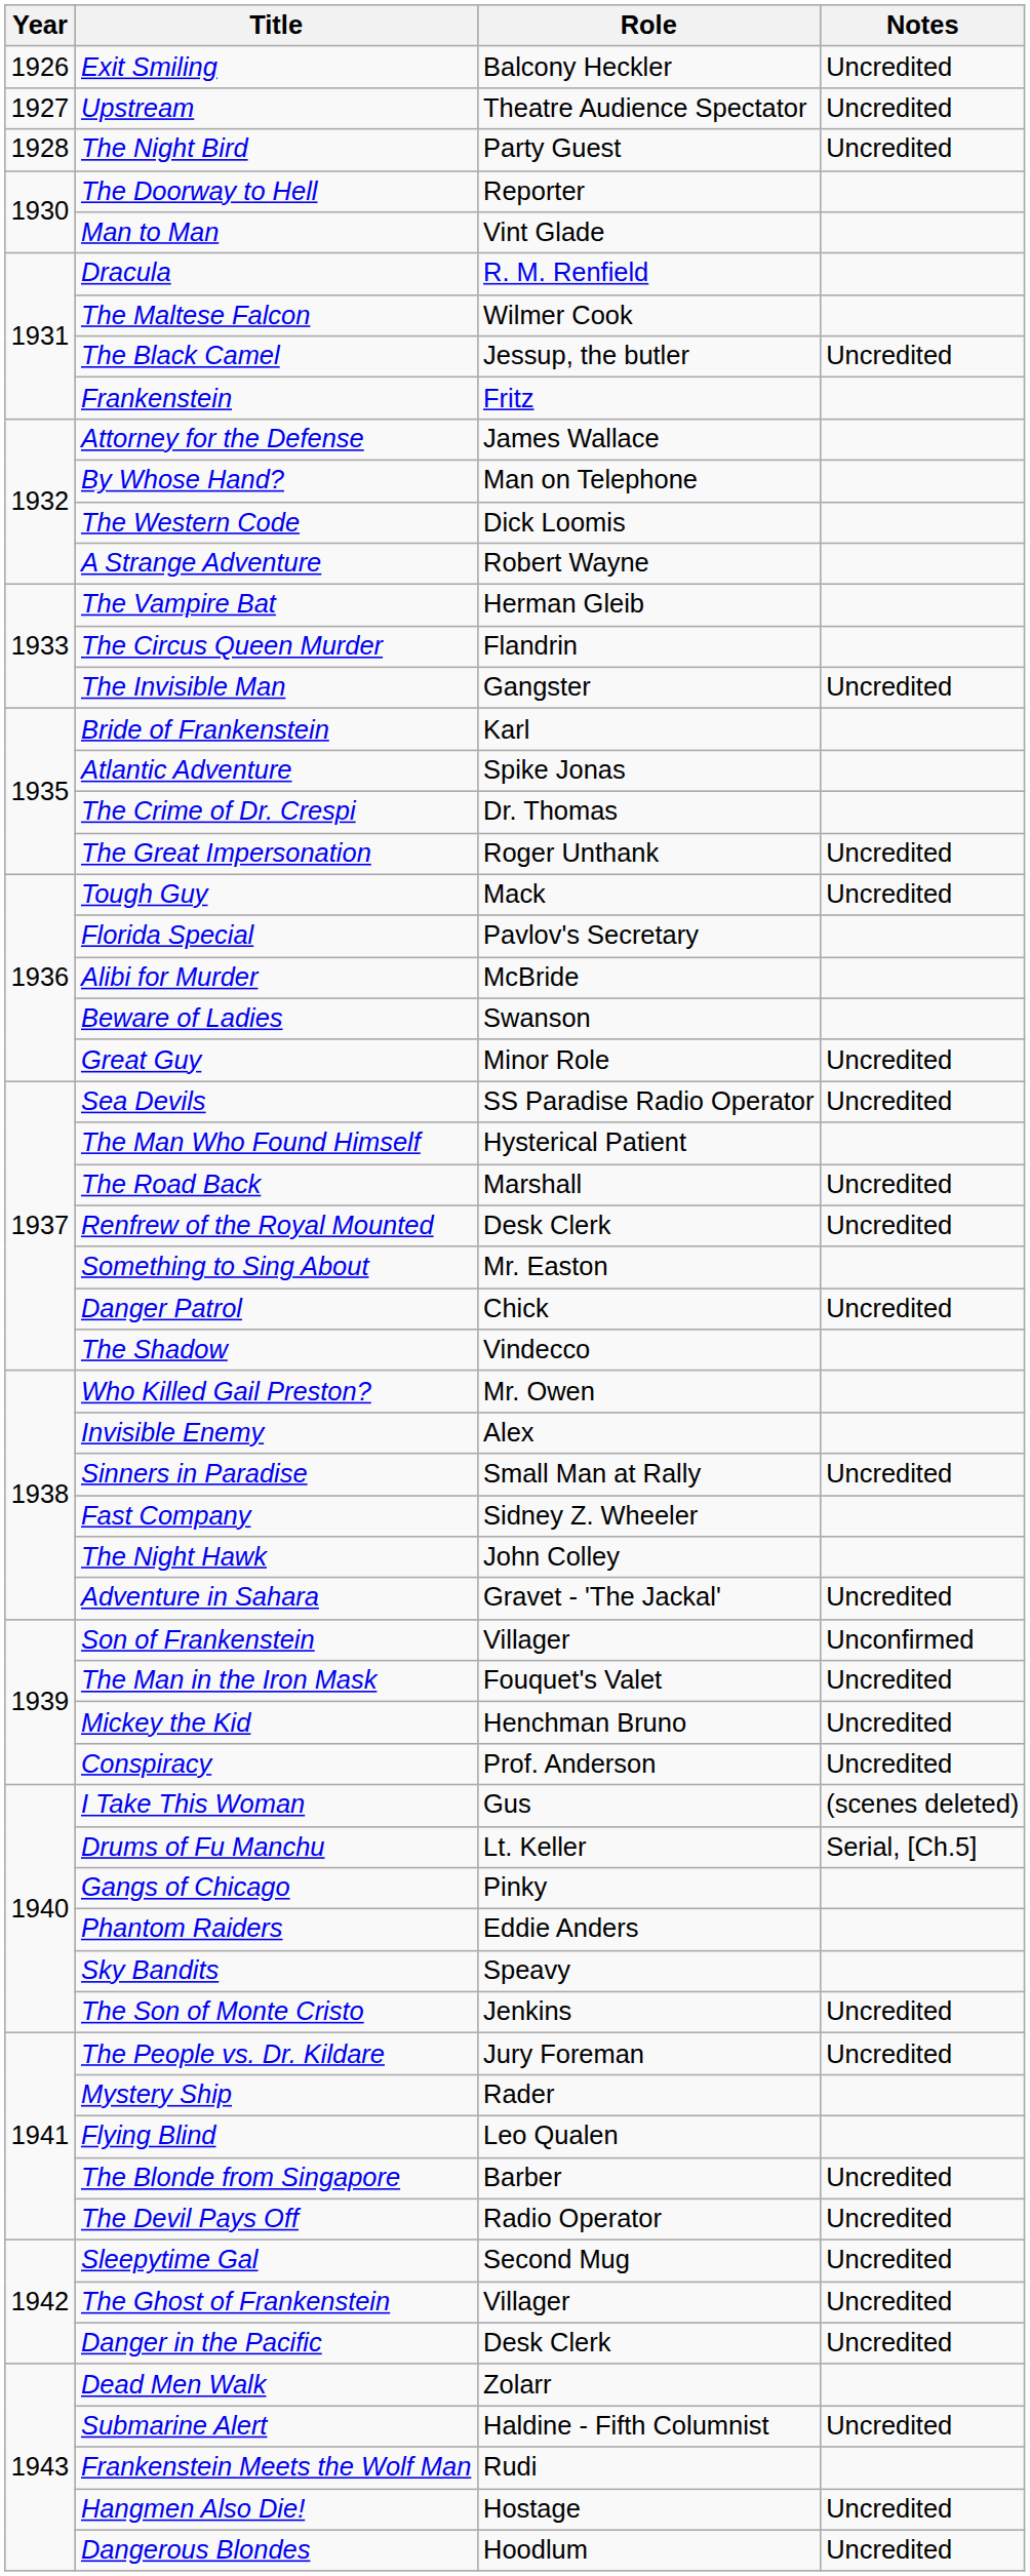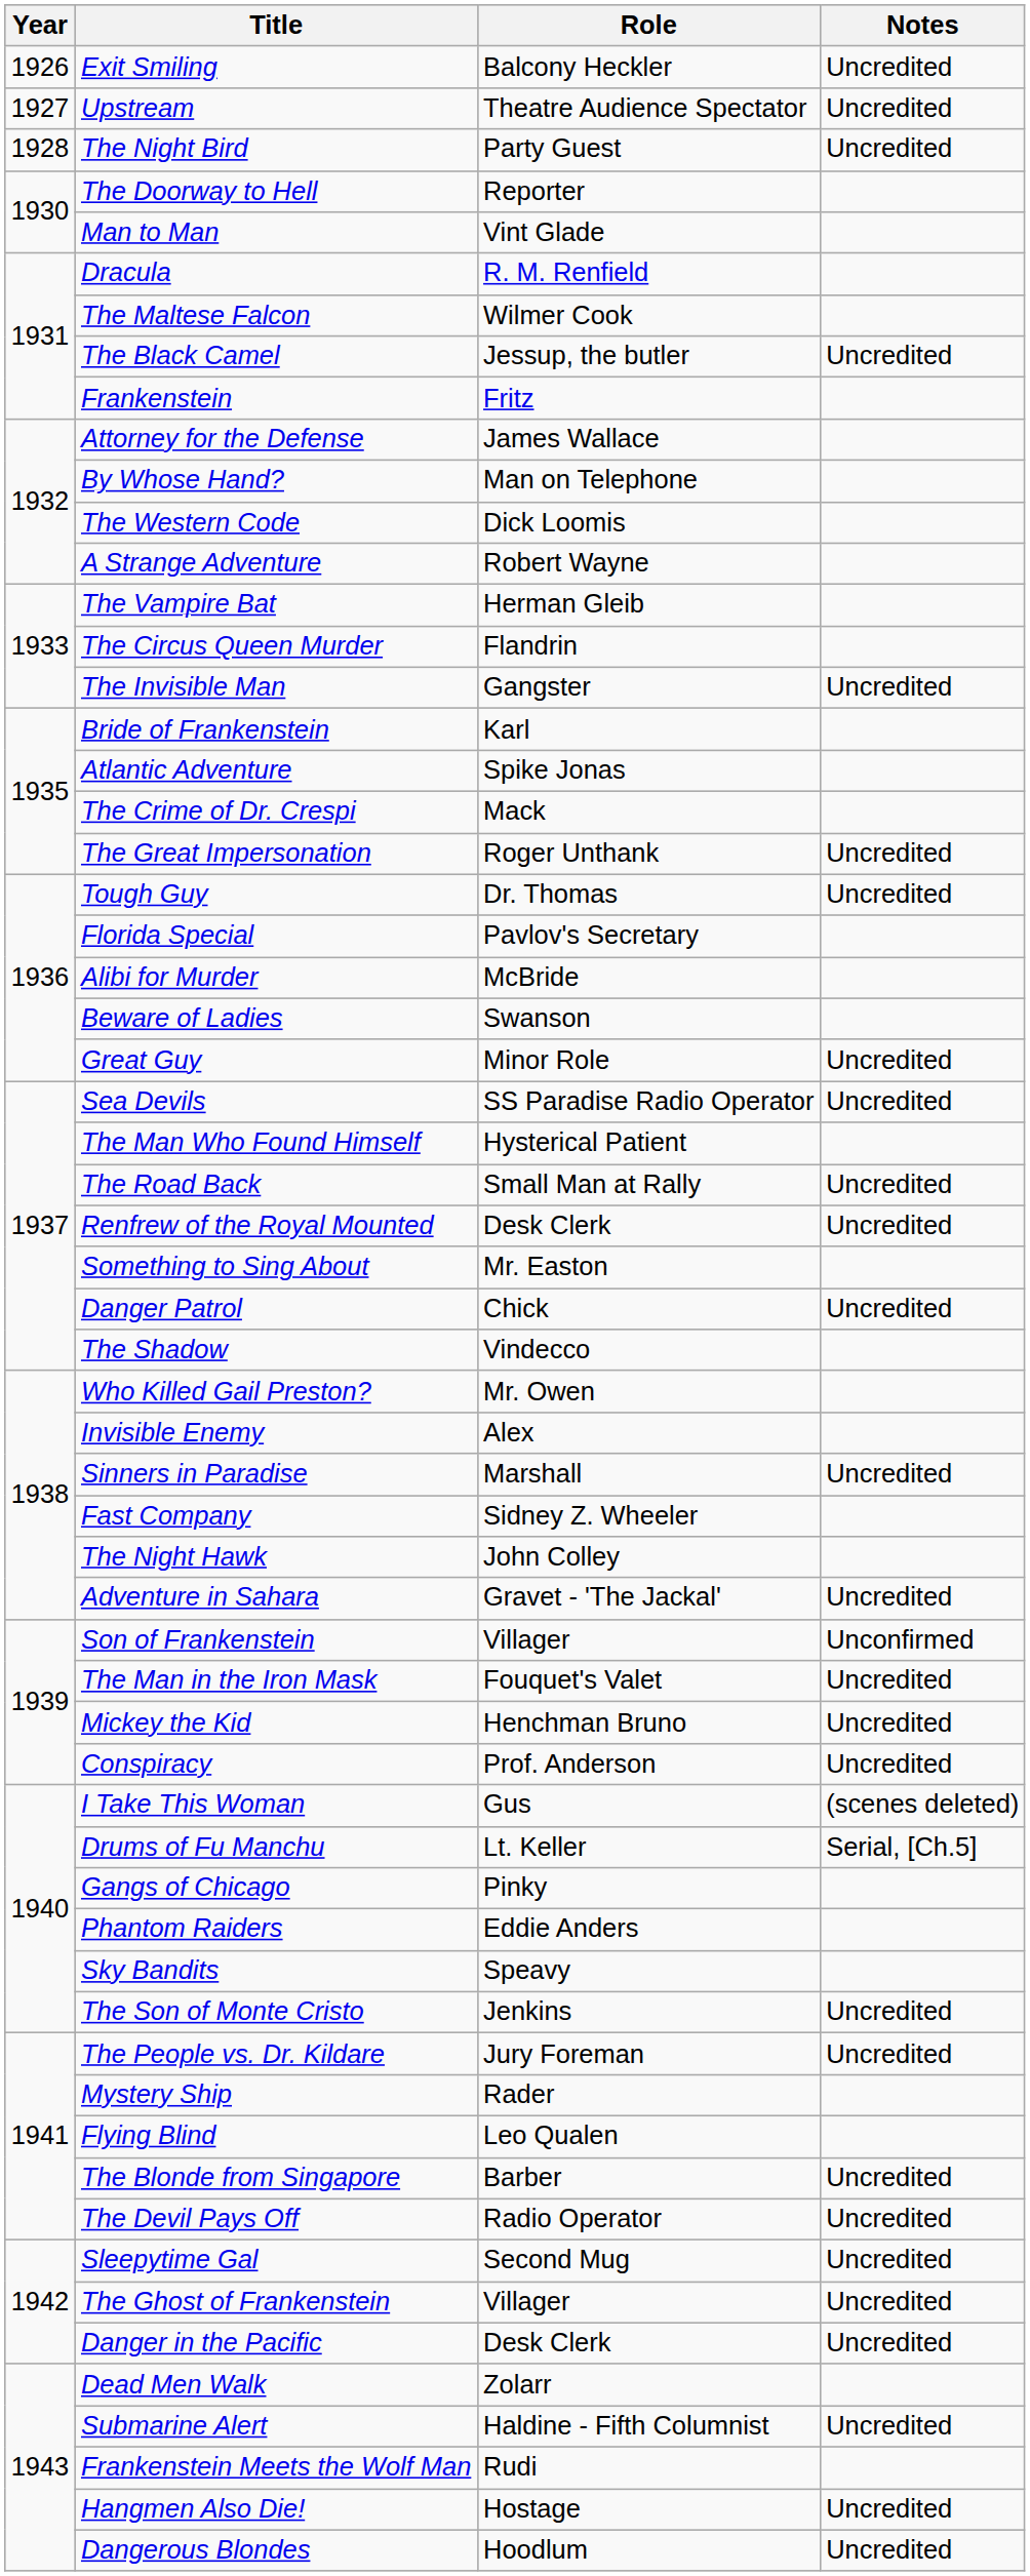 <table class="wikitable sortable">
 <tr>
 <th>Year</th>
 <th>Title</th>
 <th>Role</th>
 <th class = "unsortable">Notes</th>
 </tr>
 <tr>
 <td>1926</td>
 <td><em><a href='#'>Exit Smiling</a></em></td>
 <td>Balcony Heckler</td>
 <td>Uncredited</td>
 </tr>
 <tr>
 <td>1927</td>
 <td><em><a href='#'>Upstream</a></em></td>
 <td>Theatre Audience Spectator</td>
 <td>Uncredited</td>
 </tr>
 <tr>
 <td>1928</td>
 <td><em><a href='#'>The Night Bird</a></em></td>
 <td>Party Guest</td>
 <td>Uncredited</td>
 </tr>
 <tr>
 <td rowspan=2>1930</td>
 <td><em><a href='#'>The Doorway to Hell</a></em></td>
 <td>Reporter</td>
 <td></td>
 </tr>
 <tr>
 <td><em><a href='#'>Man to Man</a></em></td>
 <td>Vint Glade</td>
 <td></td>
 </tr>
 <tr>
 <td rowspan=4>1931</td>
 <td><em><a href='#'>Dracula</a></em></td>
 <td><a href='#'>R. M. Renfield</a></td>
 <td></td>
 </tr>
 <tr>
 <td><em><a href='#'>The Maltese Falcon</a></em></td>
 <td>Wilmer Cook</td>
 <td></td>
 </tr>
 <tr>
 <td><em><a href='#'>The Black Camel</a></em></td>
 <td>Jessup, the butler</td>
 <td>Uncredited</td>
 </tr>
 <tr>
 <td><em><a href='#'>Frankenstein</a></em></td>
 <td><a href='#'>Fritz</a></td>
 <td></td>
 </tr>
 <tr>
 <td rowspan=4>1932</td>
 <td><em><a href='#'>Attorney for the Defense</a></em></td>
 <td>James Wallace</td>
 <td></td>
 </tr>
 <tr>
 <td><em><a href='#'>By Whose Hand?</a></em></td>
 <td>Man on Telephone</td>
 <td></td>
 </tr>
 <tr>
 <td><em><a href='#'>The Western Code</a></em></td>
 <td>Dick Loomis</td>
 <td></td>
 </tr>
 <tr>
 <td><em><a href='#'>A Strange Adventure</a></em></td>
 <td>Robert Wayne</td>
 <td></td>
 </tr>
 <tr>
 <td rowspan=3>1933</td>
 <td><em><a href='#'>The Vampire Bat</a></em></td>
 <td>Herman Gleib</td>
 <td></td>
 </tr>
 <tr>
 <td><em><a href='#'>The Circus Queen Murder</a></em></td>
 <td>Flandrin</td>
 <td></td>
 </tr>
 <tr>
 <td><em><a href='#'>The Invisible Man</a></em></td>
 <td>Gangster</td>
 <td>Uncredited</td>
 </tr>
 <tr>
 <td rowspan=4>1935</td>
 <td><em><a href='#'>Bride of Frankenstein</a></em></td>
 <td>Karl</td>
 <td></td>
 </tr>
 <tr>
 <td><em><a href='#'>Atlantic Adventure</a></em></td>
 <td>Spike Jonas</td>
 <td></td>
 </tr>
 <tr>
 <td><em><a href='#'>The Crime of Dr. Crespi</a></em></td>
-<td>Dr. Thomas</td>
+<td>Mack</td>
 <td></td>
 </tr>
 <tr>
 <td><em><a href='#'>The Great Impersonation</a></em></td>
 <td>Roger Unthank</td>
 <td>Uncredited</td>
 </tr>
 <tr>
 <td rowspan=5>1936</td>
 <td><em><a href='#'>Tough Guy</a></em></td>
-<td>Mack</td>
+<td>Dr. Thomas</td>
 <td>Uncredited</td>
 </tr>
 <tr>
 <td><em><a href='#'>Florida Special</a></em></td>
 <td>Pavlov's Secretary</td>
 <td></td>
 </tr>
 <tr>
 <td><em><a href='#'>Alibi for Murder</a></em></td>
 <td>McBride</td>
 <td></td>
 </tr>
 <tr>
 <td><em><a href='#'>Beware of Ladies</a></em></td>
 <td>Swanson</td>
 <td></td>
 </tr>
 <tr>
 <td><em><a href='#'>Great Guy</a></em></td>
 <td>Minor Role</td>
 <td>Uncredited</td>
 </tr>
 <tr>
 <td rowspan=7>1937</td>
 <td><em><a href='#'>Sea Devils</a></em></td>
 <td>SS Paradise Radio Operator</td>
 <td>Uncredited</td>
 </tr>
 <tr>
 <td><em><a href='#'>The Man Who Found Himself</a></em></td>
 <td>Hysterical Patient</td>
 <td></td>
 </tr>
 <tr>
 <td><em><a href='#'>The Road Back</a></em></td>
-<td>Marshall</td>
+<td>Small Man at Rally</td>
 <td>Uncredited</td>
 </tr>
 <tr>
 <td><em><a href='#'>Renfrew of the Royal Mounted</a></em></td>
 <td>Desk Clerk</td>
 <td>Uncredited</td>
 </tr>
 <tr>
 <td><em><a href='#'>Something to Sing About</a></em></td>
 <td>Mr. Easton</td>
 <td></td>
 </tr>
 <tr>
 <td><em><a href='#'>Danger Patrol</a></em></td>
 <td>Chick</td>
 <td>Uncredited</td>
 </tr>
 <tr>
 <td><em><a href='#'>The Shadow</a></em></td>
 <td>Vindecco</td>
 <td></td>
 </tr>
 <tr>
 <td rowspan=6>1938</td>
 <td><em><a href='#'>Who Killed Gail Preston?</a></em></td>
 <td>Mr. Owen</td>
 <td></td>
 </tr>
 <tr>
 <td><em><a href='#'>Invisible Enemy</a></em></td>
 <td>Alex</td>
 <td></td>
 </tr>
 <tr>
 <td><em><a href='#'>Sinners in Paradise</a></em></td>
-<td>Small Man at Rally</td>
+<td>Marshall</td>
 <td>Uncredited</td>
 </tr>
 <tr>
 <td><em><a href='#'>Fast Company</a></em></td>
 <td>Sidney Z. Wheeler</td>
 <td></td>
 </tr>
 <tr>
 <td><em><a href='#'>The Night Hawk</a></em></td>
 <td>John Colley</td>
 <td></td>
 </tr>
 <tr>
 <td><em><a href='#'>Adventure in Sahara</a></em></td>
 <td>Gravet - 'The Jackal'</td>
 <td>Uncredited</td>
 </tr>
 <tr>
 <td rowspan=4>1939</td>
 <td><em><a href='#'>Son of Frankenstein</a></em></td>
 <td>Villager</td>
 <td>Unconfirmed</td>
 </tr>
 <tr>
 <td><em><a href='#'>The Man in the Iron Mask</a></em></td>
 <td>Fouquet's Valet</td>
 <td>Uncredited</td>
 </tr>
 <tr>
 <td><em><a href='#'>Mickey the Kid</a></em></td>
 <td>Henchman Bruno</td>
 <td>Uncredited</td>
 </tr>
 <tr>
 <td><em><a href='#'>Conspiracy</a></em></td>
 <td>Prof. Anderson</td>
 <td>Uncredited</td>
 </tr>
 <tr>
 <td rowspan=6>1940</td>
 <td><em><a href='#'>I Take This Woman</a></em></td>
 <td>Gus</td>
 <td>(scenes deleted)</td>
 </tr>
 <tr>
 <td><em><a href='#'>Drums of Fu Manchu</a></em></td>
 <td>Lt. Keller</td>
 <td>Serial, [Ch.5]</td>
 </tr>
 <tr>
 <td><em><a href='#'>Gangs of Chicago</a></em></td>
 <td>Pinky</td>
 <td></td>
 </tr>
 <tr>
 <td><em><a href='#'>Phantom Raiders</a></em></td>
 <td>Eddie Anders</td>
 <td></td>
 </tr>
 <tr>
 <td><em><a href='#'>Sky Bandits</a></em></td>
 <td>Speavy</td>
 <td></td>
 </tr>
 <tr>
 <td><em><a href='#'>The Son of Monte Cristo</a></em></td>
 <td>Jenkins</td>
 <td>Uncredited</td>
 </tr>
 <tr>
 <td rowspan=5>1941</td>
 <td><em><a href='#'>The People vs. Dr. Kildare</a></em></td>
 <td>Jury Foreman</td>
 <td>Uncredited</td>
 </tr>
 <tr>
 <td><em><a href='#'>Mystery Ship</a></em></td>
 <td>Rader</td>
 <td></td>
 </tr>
 <tr>
 <td><em><a href='#'>Flying Blind</a></em></td>
 <td>Leo Qualen</td>
 <td></td>
 </tr>
 <tr>
 <td><em><a href='#'>The Blonde from Singapore</a></em></td>
 <td>Barber</td>
 <td>Uncredited</td>
 </tr>
 <tr>
 <td><em><a href='#'>The Devil Pays Off</a></em></td>
 <td>Radio Operator</td>
 <td>Uncredited</td>
 </tr>
 <tr>
 <td rowspan=3>1942</td>
 <td><em><a href='#'>Sleepytime Gal</a></em></td>
 <td>Second Mug</td>
 <td>Uncredited</td>
 </tr>
 <tr>
 <td><em><a href='#'>The Ghost of Frankenstein</a></em></td>
 <td>Villager</td>
 <td>Uncredited</td>
 </tr>
 <tr>
 <td><em><a href='#'>Danger in the Pacific</a></em></td>
 <td>Desk Clerk</td>
 <td>Uncredited</td>
 </tr>
 <tr>
 <td rowspan=5>1943</td>
 <td><em><a href='#'>Dead Men Walk</a></em></td>
 <td>Zolarr</td>
 <td></td>
 </tr>
 <tr>
 <td><em><a href='#'>Submarine Alert</a></em></td>
 <td>Haldine - Fifth Columnist</td>
 <td>Uncredited</td>
 </tr>
 <tr>
 <td><em><a href='#'>Frankenstein Meets the Wolf Man</a></em></td>
 <td>Rudi</td>
 <td></td>
 </tr>
 <tr>
 <td><em><a href='#'>Hangmen Also Die!</a></em></td>
 <td>Hostage</td>
 <td>Uncredited</td>
 </tr>
 <tr>
 <td><em><a href='#'>Dangerous Blondes</a></em></td>
 <td>Hoodlum</td>
 <td>Uncredited</td>
 </tr>
 </table>
